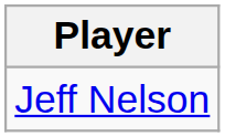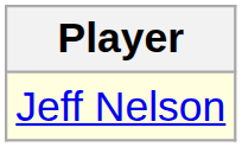 <table class="wikitable">
 <tr>
 <th>Player</th>
 </tr>
 <tr>
-<td><a href='#'>Jeff Nelson</a></td>
+<td style="background: lightyellow;"><a href='#'>Jeff Nelson</a></td>
 </tr>
 </table>
